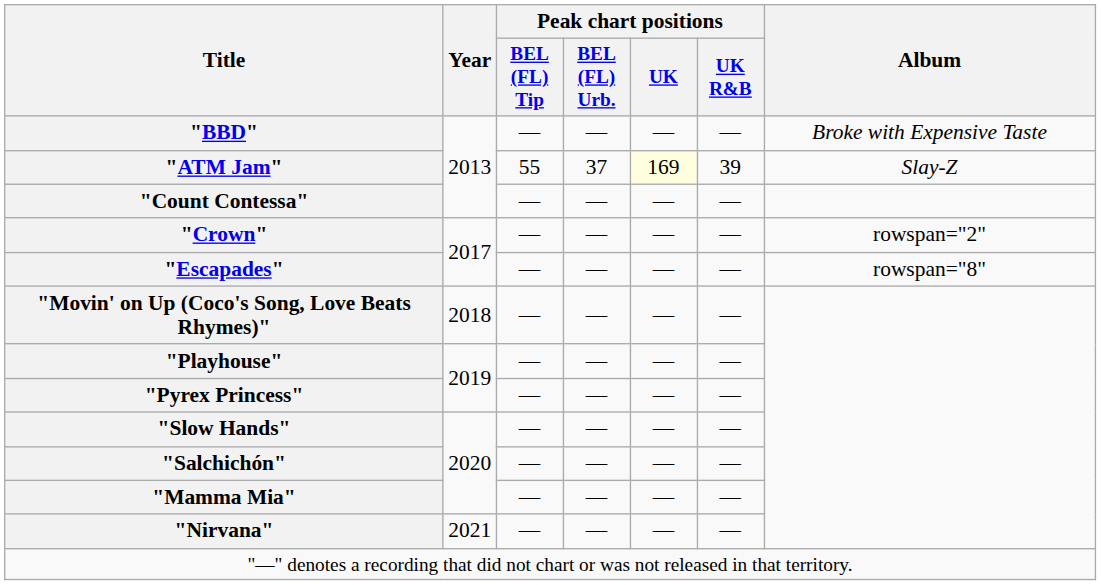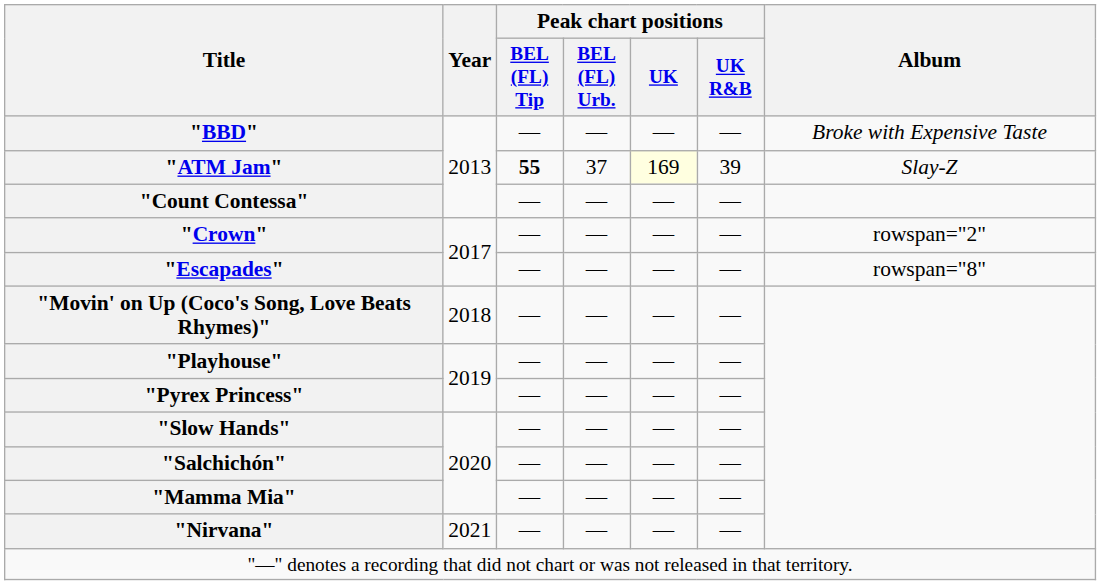 <table class="wikitable plainrowheaders" style="text-align:center;">
 <tr>
 <th scope="col" rowspan="2" style="width:20em;">Title</th>
 <th scope="col" rowspan="2" style="width:1em;">Year</th>
 <th scope="col" colspan="4">Peak chart positions</th>
 <th scope="col" rowspan="2" style="width:15em;">Album</th>
 </tr>
 <tr>
 <th scope="col" style="width:3em;font-size:90%;"><a href='#'>BEL<br>(FL)<br>Tip</a><br></th>
 <th scope="col" style="width:3em;font-size:90%;"><a href='#'>BEL<br>(FL)<br>Urb.</a><br></th>
 <th scope="col" style="width:3em;font-size:90%;"><a href='#'>UK</a><br></th>
 <th scope="col" style="width:3em;font-size:90%;"><a href='#'>UK<br>R&B</a><br></th>
 </tr>
 <tr>
 <th scope="row">"<a href='#'>BBD</a>"</th>
 <td rowspan="3">2013</td>
 <td>—</td>
 <td>—</td>
 <td>—</td>
 <td>—</td>
 <td><em>Broke with Expensive Taste</em></td>
 </tr>
 <tr>
 <th scope="row">"<a href='#'>ATM Jam</a>"<br></th>
-<td>55</td>
+<td><strong>55</strong></td>
 <td>37</td>
 <td style="background: lightyellow;">169</td>
 <td>39</td>
 <td><em>Slay-Z</em></td>
 </tr>
 <tr>
 <th scope="row">"Count Contessa"</th>
 <td>—</td>
 <td>—</td>
 <td>—</td>
 <td>—</td>
 </tr>
 <tr>
 <th scope="row">"<a href='#'>Crown</a>"</th>
 <td rowspan="2">2017</td>
 <td>—</td>
 <td>—</td>
 <td>—</td>
 <td>—</td>
 <td>rowspan="2" </td>
 </tr>
 <tr>
 <th scope="row">"<a href='#'>Escapades</a>"</th>
 <td>—</td>
 <td>—</td>
 <td>—</td>
 <td>—</td>
 <td>rowspan="8" </td>
 </tr>
 <tr>
 <th scope="row">"Movin' on Up (Coco's Song, Love Beats Rhymes)"</th>
 <td>2018</td>
 <td>—</td>
 <td>—</td>
 <td>—</td>
 <td>—</td>
 </tr>
 <tr>
 <th scope="row">"Playhouse"</th>
 <td rowspan="2">2019</td>
 <td>—</td>
 <td>—</td>
 <td>—</td>
 <td>—</td>
 </tr>
 <tr>
 <th scope="row">"Pyrex Princess"</th>
 <td>—</td>
 <td>—</td>
 <td>—</td>
 <td>—</td>
 </tr>
 <tr>
 <th scope="row">"Slow Hands"</th>
 <td rowspan="3">2020</td>
 <td>—</td>
 <td>—</td>
 <td>—</td>
 <td>—</td>
 </tr>
 <tr>
 <th scope="row">"Salchichón"<br></th>
 <td>—</td>
 <td>—</td>
 <td>—</td>
 <td>—</td>
 </tr>
 <tr>
 <th scope="row">"Mamma Mia"</th>
 <td>—</td>
 <td>—</td>
 <td>—</td>
 <td>—</td>
 </tr>
 <tr>
 <th scope="row">"Nirvana"</th>
 <td>2021</td>
 <td>—</td>
 <td>—</td>
 <td>—</td>
 <td>—</td>
 </tr>
 <tr>
 <td colspan="7" style="font-size:90%">"—" denotes a recording that did not chart or was not released in that territory.</td>
 </tr>
 </table>
